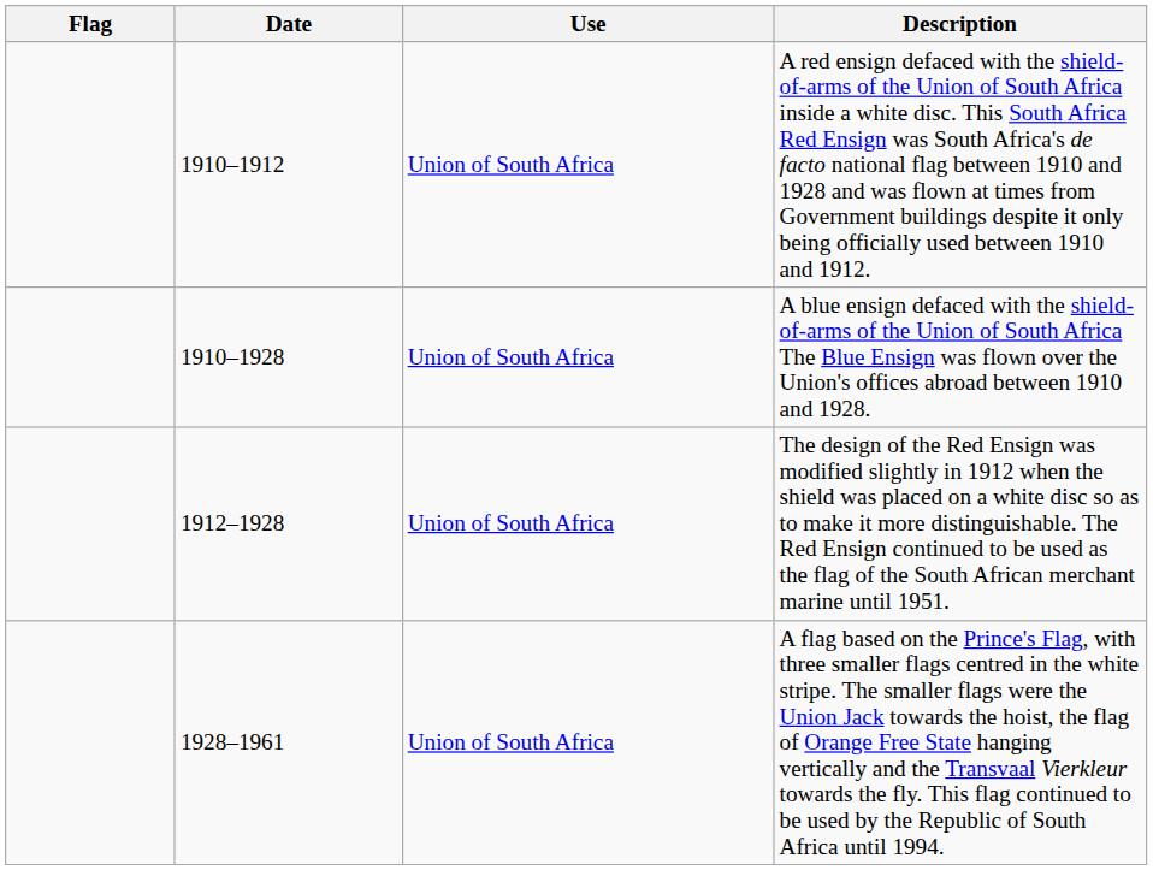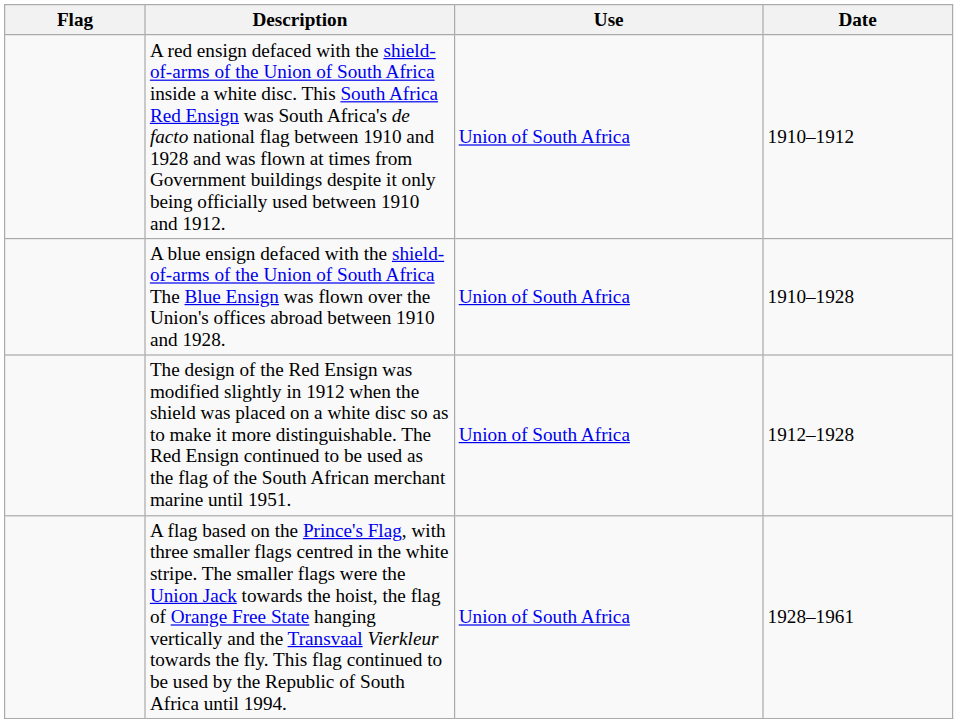 <table class="wikitable">
 <tr style="background:#efefef;">
 <th style="width:110px;">Flag</th>
+<th style="width:250px;">Description</th>
+<th style="width:250px;">Use</th>
 <th style="width:150px;">Date</th>
-<th style="width:250px;">Use</th>
-<th style="width:250px;">Description</th>
 </tr>
 <tr>
 <td></td>
+<td>A red ensign defaced with the <a href='#'>shield-of-arms of the Union of South Africa</a> inside a white disc. This <a href='#'>South Africa Red Ensign</a> was South Africa's <em>de facto</em> national flag between 1910 and 1928 and was flown at times from Government buildings despite it only being officially used between 1910 and 1912.</td>
+<td><a href='#'>Union of South Africa</a></td>
 <td>1910–1912</td>
-<td><a href='#'>Union of South Africa</a></td>
-<td>A red ensign defaced with the <a href='#'>shield-of-arms of the Union of South Africa</a> inside a white disc. This <a href='#'>South Africa Red Ensign</a> was South Africa's <em>de facto</em> national flag between 1910 and 1928 and was flown at times from Government buildings despite it only being officially used between 1910 and 1912.</td>
 </tr>
 <tr>
 <td></td>
+<td>A blue ensign defaced with the <a href='#'>shield-of-arms of the Union of South Africa</a> The <a href='#'>Blue Ensign</a> was flown over the Union's offices abroad between 1910 and 1928.</td>
+<td><a href='#'>Union of South Africa</a></td>
 <td>1910–1928</td>
-<td><a href='#'>Union of South Africa</a></td>
-<td>A blue ensign defaced with the <a href='#'>shield-of-arms of the Union of South Africa</a> The <a href='#'>Blue Ensign</a> was flown over the Union's offices abroad between 1910 and 1928.</td>
 </tr>
 <tr>
 <td></td>
+<td>The design of the Red Ensign was modified slightly in 1912 when the shield was placed on a white disc so as to make it more distinguishable. The Red Ensign continued to be used as the flag of the South African merchant marine until 1951.</td>
+<td><a href='#'>Union of South Africa</a></td>
 <td>1912–1928</td>
-<td><a href='#'>Union of South Africa</a></td>
-<td>The design of the Red Ensign was modified slightly in 1912 when the shield was placed on a white disc so as to make it more distinguishable. The Red Ensign continued to be used as the flag of the South African merchant marine until 1951.</td>
 </tr>
 <tr>
 <td></td>
+<td>A flag based on the <a href='#'>Prince's Flag</a>, with three smaller flags centred in the white stripe. The smaller flags were the <a href='#'>Union Jack</a> towards the hoist, the flag of <a href='#'>Orange Free State</a> hanging vertically and the <a href='#'>Transvaal</a> <em>Vierkleur</em> towards the fly. This flag continued to be used by the Republic of South Africa until 1994.</td>
+<td><a href='#'>Union of South Africa</a></td>
 <td>1928–1961</td>
-<td><a href='#'>Union of South Africa</a></td>
-<td>A flag based on the <a href='#'>Prince's Flag</a>, with three smaller flags centred in the white stripe. The smaller flags were the <a href='#'>Union Jack</a> towards the hoist, the flag of <a href='#'>Orange Free State</a> hanging vertically and the <a href='#'>Transvaal</a> <em>Vierkleur</em> towards the fly. This flag continued to be used by the Republic of South Africa until 1994.</td>
 </tr>
 </table>
